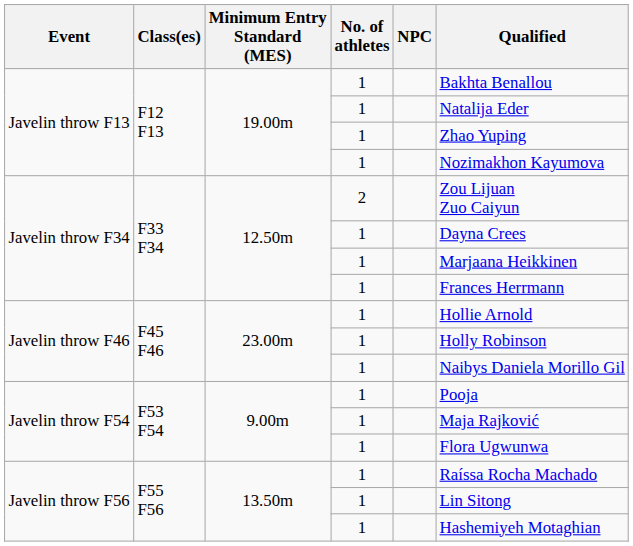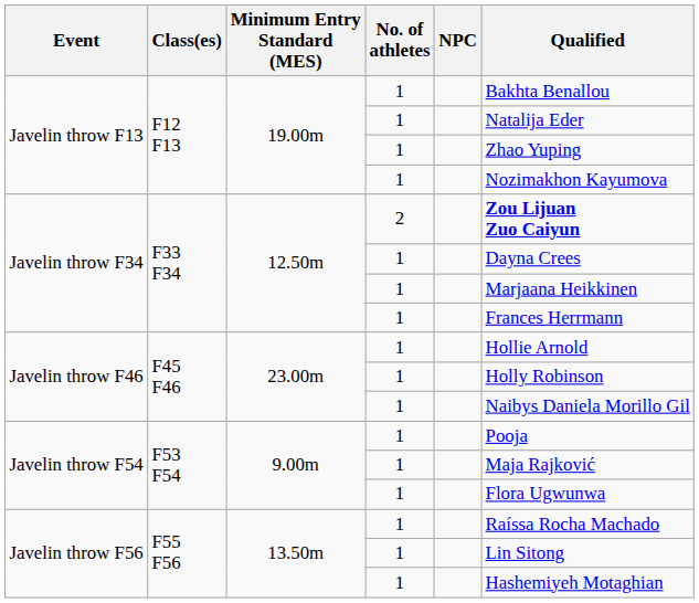 <table class="wikitable">
 <tr>
 <th>Event</th>
 <th>Class(es)</th>
 <th>Minimum Entry<br>Standard<br>(MES)</th>
 <th>No. of<br>athletes</th>
 <th>NPC</th>
 <th>Qualified</th>
 </tr>
 <tr>
 <td rowspan=4>Javelin throw F13</td>
 <td rowspan=4>F12<br>F13</td>
 <td rowspan=4 align=center>19.00m</td>
 <td align=center>1</td>
 <td></td>
 <td><a href='#'>Bakhta Benallou</a></td>
 </tr>
 <tr>
 <td align=center>1</td>
 <td></td>
 <td><a href='#'>Natalija Eder</a></td>
 </tr>
 <tr>
 <td align=center>1</td>
 <td></td>
 <td><a href='#'>Zhao Yuping</a></td>
 </tr>
 <tr>
 <td align=center>1</td>
 <td></td>
 <td><a href='#'>Nozimakhon Kayumova</a></td>
 </tr>
 <tr>
 <td rowspan=4>Javelin throw F34</td>
 <td rowspan=4>F33<br>F34</td>
 <td rowspan=4 align=center>12.50m</td>
 <td align=center>2</td>
 <td></td>
-<td><a href='#'>Zou Lijuan</a><br><a href='#'>Zuo Caiyun</a></td>
+<td><strong><a href='#'>Zou Lijuan</a><br><a href='#'>Zuo Caiyun</a></strong></td>
 </tr>
 <tr>
 <td align=center>1</td>
 <td></td>
 <td><a href='#'>Dayna Crees</a></td>
 </tr>
 <tr>
 <td align=center>1</td>
 <td></td>
 <td><a href='#'>Marjaana Heikkinen</a></td>
 </tr>
 <tr>
 <td align=center>1</td>
 <td></td>
 <td><a href='#'>Frances Herrmann</a></td>
 </tr>
 <tr>
 <td rowspan=3>Javelin throw F46</td>
 <td rowspan=3>F45<br>F46</td>
 <td rowspan=3 align=center>23.00m</td>
 <td align=center>1</td>
 <td></td>
 <td><a href='#'>Hollie Arnold</a></td>
 </tr>
 <tr>
 <td align=center>1</td>
 <td></td>
 <td><a href='#'>Holly Robinson</a></td>
 </tr>
 <tr>
 <td align=center>1</td>
 <td></td>
 <td><a href='#'>Naibys Daniela Morillo Gil</a></td>
 </tr>
 <tr>
 <td rowspan=3>Javelin throw F54</td>
 <td rowspan=3>F53<br>F54</td>
 <td rowspan=3 align=center>9.00m</td>
 <td align=center>1</td>
 <td></td>
 <td><a href='#'>Pooja</a></td>
 </tr>
 <tr>
 <td align=center>1</td>
 <td></td>
 <td><a href='#'>Maja Rajković</a></td>
 </tr>
 <tr>
 <td align=center>1</td>
 <td></td>
 <td><a href='#'>Flora Ugwunwa</a></td>
 </tr>
 <tr>
 <td rowspan=3>Javelin throw F56</td>
 <td rowspan=3>F55<br>F56</td>
 <td rowspan=3 align=center>13.50m</td>
 <td align=center>1</td>
 <td></td>
 <td><a href='#'>Raíssa Rocha Machado</a></td>
 </tr>
 <tr>
 <td align=center>1</td>
 <td></td>
 <td><a href='#'>Lin Sitong</a></td>
 </tr>
 <tr>
 <td align=center>1</td>
 <td></td>
 <td><a href='#'>Hashemiyeh Motaghian</a></td>
 </tr>
 </table>
